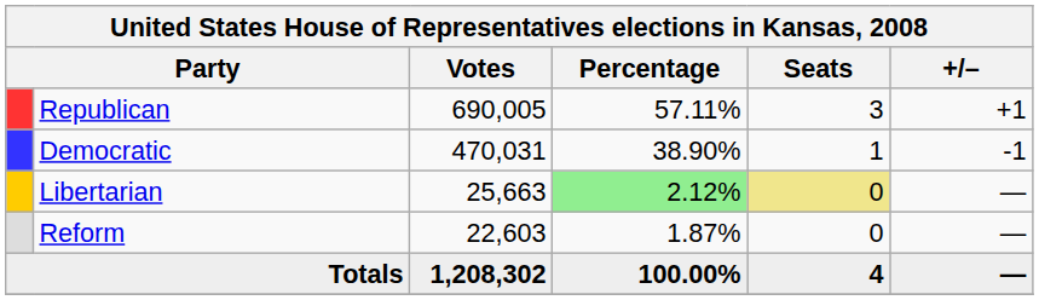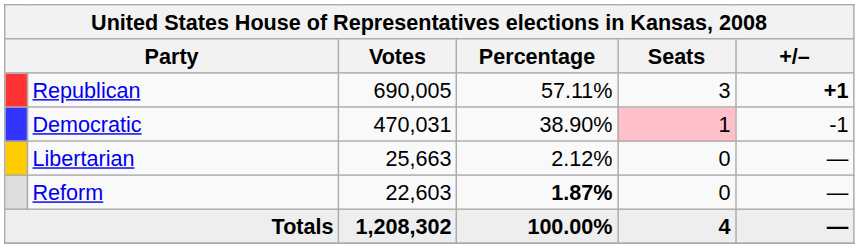 <table class="wikitable" style="font-size: 95%;">
 <tr>
 <th colspan="6">United States House of Representatives elections in Kansas, 2008</th>
 </tr>
 <tr>
 <th colspan=2 style="width: 15em">Party</th>
 <th style="width: 5em">Votes</th>
 <th style="width: 7em">Percentage</th>
 <th style="width: 5em">Seats</th>
 <th style="width: 5em">+/–</th>
 </tr>
 <tr>
 <th style="background-color:#FF3333; width: 3px"></th>
 <td style="width: 130px"><a href='#'>Republican</a></td>
 <td align="right">690,005</td>
 <td align="right">57.11%</td>
 <td align="right">3</td>
-<td align="right">+1</td>
+<td align="right"><strong>+1</strong></td>
 </tr>
 <tr>
 <th style="background-color:#3333FF; width: 3px"></th>
 <td style="width: 130px"><a href='#'>Democratic</a></td>
 <td align="right">470,031</td>
 <td align="right">38.90%</td>
-<td align="right">1</td>
+<td align="right" style="background: pink;">1</td>
 <td align="right">-1</td>
 </tr>
 <tr>
 <th style="background-color:#FFCC00; width: 3px"></th>
 <td style="width: 130px"><a href='#'>Libertarian</a></td>
 <td align="right">25,663</td>
-<td align="right" style="background: lightgreen;">2.12%</td>
-<td align="right" style="background: khaki;">0</td>
+<td align="right">2.12%</td>
+<td align="right">0</td>
 <td align="right">—</td>
 </tr>
 <tr>
 <th style="background-color:#DDDDDD; width: 3px"></th>
 <td style="width: 130px"><a href='#'>Reform</a></td>
 <td align="right">22,603</td>
-<td align="right">1.87%</td>
+<td align="right"><strong>1.87%</strong></td>
 <td align="right">0</td>
 <td align="right">—</td>
 </tr>
 <tr bgcolor="#EEEEEE">
 <td colspan="2" align="right"><strong>Totals</strong></td>
 <td align="right"><strong>1,208,302</strong></td>
 <td align="right"><strong>100.00%</strong></td>
 <td align="right"><strong>4</strong></td>
 <td align="right"><strong>—</strong></td>
 </tr>
 <tr bgcolor="#EEEEEE">
 </tr>
 </table>
